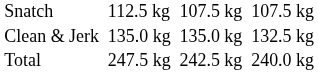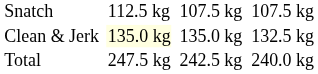 <table>
 <tr>
 <td>Snatch</td>
 <td></td>
 <td>112.5 kg</td>
 <td></td>
 <td>107.5 kg</td>
 <td></td>
 <td>107.5 kg</td>
 </tr>
 <tr>
 <td>Clean & Jerk</td>
 <td></td>
-<td>135.0 kg</td>
+<td style="background: lightyellow;">135.0 kg</td>
 <td></td>
 <td>135.0 kg</td>
 <td></td>
 <td>132.5 kg</td>
 </tr>
 <tr>
 <td>Total</td>
 <td></td>
 <td>247.5 kg</td>
 <td></td>
 <td>242.5 kg</td>
 <td></td>
 <td>240.0 kg</td>
 </tr>
 </table>
